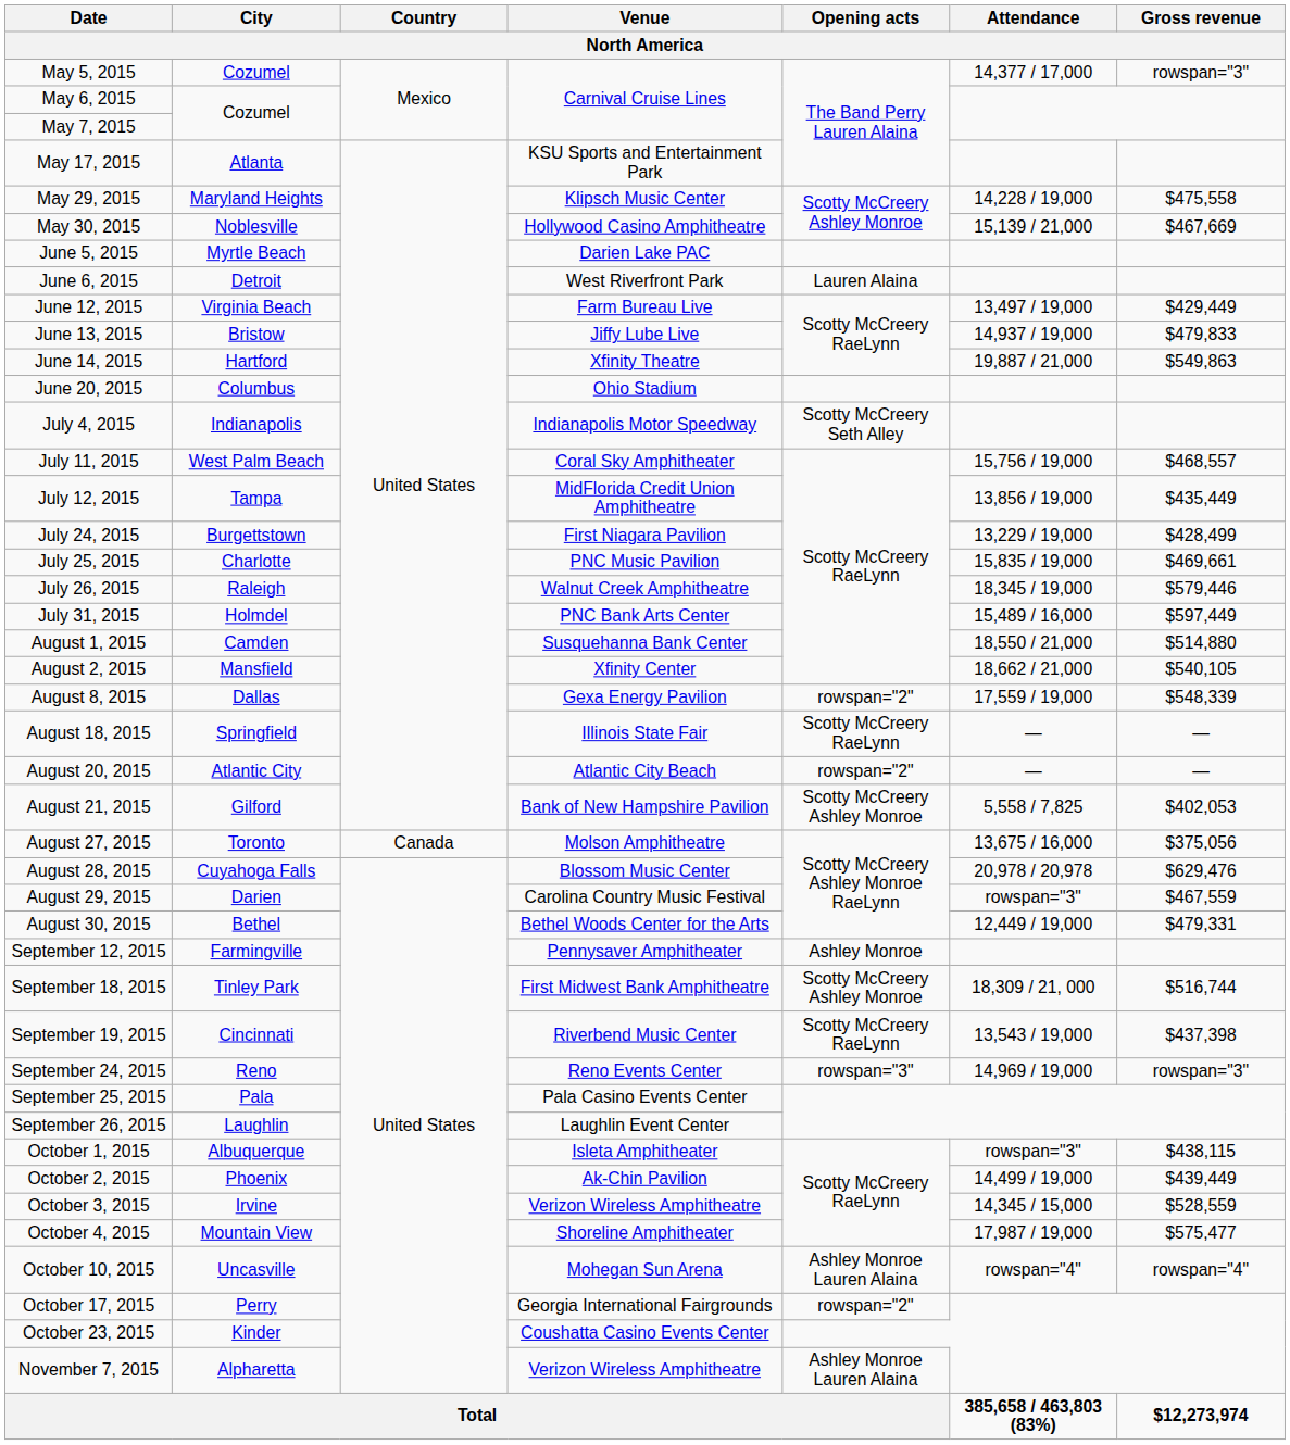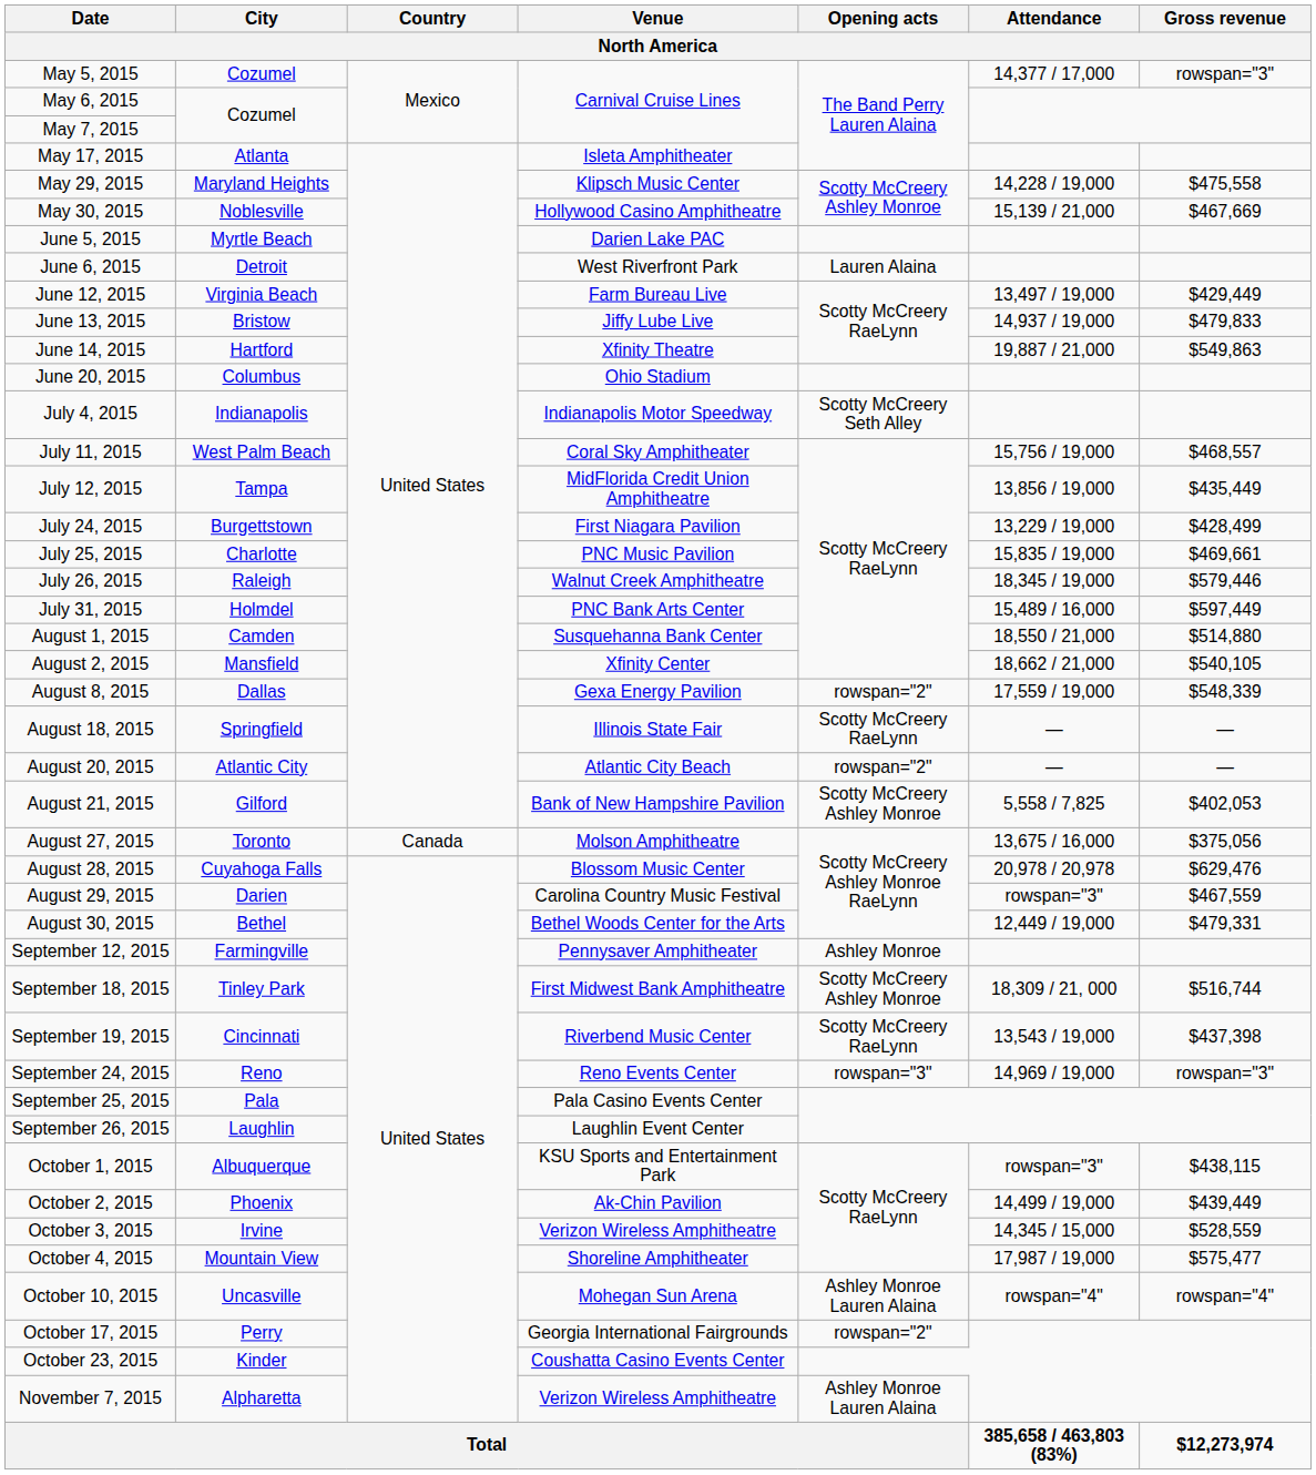 <table class="wikitable" style="text-align:center;">
 <tr>
 <th style="width:150px;">Date</th>
 <th style="width:150px;">City</th>
 <th style="width:150px;">Country</th>
 <th style="width:250px;">Venue</th>
 <th style="width:150px;">Opening acts</th>
 <th style="width:150px;">Attendance</th>
 <th style="width:150px;">Gross revenue</th>
 </tr>
 <tr>
 <th colspan="7">North America  </th>
 </tr>
 <tr>
 <td>May 5, 2015</td>
 <td><a href='#'>Cozumel</a><br></td>
 <td rowspan="3">Mexico</td>
 <td rowspan="3"><a href='#'>Carnival Cruise Lines</a></td>
 <td rowspan="4"><a href='#'>The Band Perry</a><br><a href='#'>Lauren Alaina</a></td>
 <td>14,377 / 17,000</td>
 <td>rowspan="3" </td>
 </tr>
 <tr>
 <td>May 6, 2015</td>
 <td rowspan="2">Cozumel<br></td>
 </tr>
 <tr>
 <td>May 7, 2015</td>
 </tr>
 <tr>
 <td>May 17, 2015 </td>
 <td><a href='#'>Atlanta</a></td>
 <td rowspan="22">United States</td>
-<td>KSU Sports and Entertainment Park</td>
+<td><a href='#'>Isleta Amphitheater</a></td>
 <td></td>
 <td></td>
 </tr>
 <tr>
 <td>May 29, 2015</td>
 <td><a href='#'>Maryland Heights</a></td>
 <td><a href='#'>Klipsch Music Center</a></td>
 <td rowspan="2"><a href='#'>Scotty McCreery</a><br><a href='#'>Ashley Monroe</a></td>
 <td>14,228 / 19,000</td>
 <td>$475,558</td>
 </tr>
 <tr>
 <td>May 30, 2015</td>
 <td><a href='#'>Noblesville</a></td>
 <td><a href='#'>Hollywood Casino Amphitheatre</a></td>
 <td>15,139 / 21,000</td>
 <td>$467,669</td>
 </tr>
 <tr>
 <td>June 5, 2015 </td>
 <td><a href='#'>Myrtle Beach</a></td>
 <td><a href='#'>Darien Lake PAC</a></td>
 <td></td>
 <td></td>
 <td></td>
 </tr>
 <tr>
 <td>June 6, 2015 </td>
 <td><a href='#'>Detroit</a></td>
 <td>West Riverfront Park</td>
 <td>Lauren Alaina</td>
 <td></td>
 <td></td>
 </tr>
 <tr>
 <td>June 12, 2015</td>
 <td><a href='#'>Virginia Beach</a></td>
 <td><a href='#'>Farm Bureau Live</a></td>
 <td rowspan="3">Scotty McCreery<br>RaeLynn</td>
 <td>13,497 / 19,000</td>
 <td>$429,449</td>
 </tr>
 <tr>
 <td>June 13, 2015</td>
 <td><a href='#'>Bristow</a></td>
 <td><a href='#'>Jiffy Lube Live</a></td>
 <td>14,937 / 19,000</td>
 <td>$479,833</td>
 </tr>
 <tr>
 <td>June 14, 2015</td>
 <td><a href='#'>Hartford</a></td>
 <td><a href='#'>Xfinity Theatre</a></td>
 <td>19,887 / 21,000</td>
 <td>$549,863</td>
 </tr>
 <tr>
 <td>June 20, 2015 </td>
 <td><a href='#'>Columbus</a></td>
 <td><a href='#'>Ohio Stadium</a></td>
 <td></td>
 <td></td>
 <td></td>
 </tr>
 <tr>
 <td>July 4, 2015 </td>
 <td><a href='#'>Indianapolis</a></td>
 <td><a href='#'>Indianapolis Motor Speedway</a></td>
 <td>Scotty McCreery<br>Seth Alley</td>
 <td></td>
 <td></td>
 </tr>
 <tr>
 <td>July 11, 2015</td>
 <td><a href='#'>West Palm Beach</a></td>
 <td><a href='#'>Coral Sky Amphitheater</a></td>
 <td rowspan="8">Scotty McCreery<br>RaeLynn</td>
 <td>15,756 / 19,000</td>
 <td>$468,557</td>
 </tr>
 <tr>
 <td>July 12, 2015</td>
 <td><a href='#'>Tampa</a></td>
 <td><a href='#'>MidFlorida Credit Union Amphitheatre</a></td>
 <td>13,856 / 19,000</td>
 <td>$435,449</td>
 </tr>
 <tr>
 <td>July 24, 2015</td>
 <td><a href='#'>Burgettstown</a></td>
 <td><a href='#'>First Niagara Pavilion</a></td>
 <td>13,229 / 19,000</td>
 <td>$428,499</td>
 </tr>
 <tr>
 <td>July 25, 2015</td>
 <td><a href='#'>Charlotte</a></td>
 <td><a href='#'>PNC Music Pavilion</a></td>
 <td>15,835 / 19,000</td>
 <td>$469,661</td>
 </tr>
 <tr>
 <td>July 26, 2015</td>
 <td><a href='#'>Raleigh</a></td>
 <td><a href='#'>Walnut Creek Amphitheatre</a></td>
 <td>18,345 / 19,000</td>
 <td>$579,446</td>
 </tr>
 <tr>
 <td>July 31, 2015</td>
 <td><a href='#'>Holmdel</a></td>
 <td><a href='#'>PNC Bank Arts Center</a></td>
 <td>15,489 / 16,000</td>
 <td>$597,449</td>
 </tr>
 <tr>
 <td>August 1, 2015</td>
 <td><a href='#'>Camden</a></td>
 <td><a href='#'>Susquehanna Bank Center</a></td>
 <td>18,550 / 21,000</td>
 <td>$514,880</td>
 </tr>
 <tr>
 <td>August 2, 2015</td>
 <td><a href='#'>Mansfield</a></td>
 <td><a href='#'>Xfinity Center</a></td>
 <td>18,662 / 21,000</td>
 <td>$540,105</td>
 </tr>
 <tr>
 <td>August 8, 2015</td>
 <td><a href='#'>Dallas</a></td>
 <td><a href='#'>Gexa Energy Pavilion</a></td>
 <td>rowspan="2" </td>
 <td>17,559 / 19,000</td>
 <td>$548,339</td>
 </tr>
 <tr>
 <td>August 18, 2015 </td>
 <td><a href='#'>Springfield</a></td>
 <td><a href='#'>Illinois State Fair</a></td>
 <td>Scotty McCreery<br>RaeLynn</td>
 <td>—</td>
 <td>—</td>
 </tr>
 <tr>
 <td>August 20, 2015</td>
 <td><a href='#'>Atlantic City</a></td>
 <td><a href='#'>Atlantic City Beach</a></td>
 <td>rowspan="2" </td>
 <td>—</td>
 <td>—</td>
 </tr>
 <tr>
 <td>August 21, 2015</td>
 <td><a href='#'>Gilford</a></td>
 <td><a href='#'>Bank of New Hampshire Pavilion</a></td>
 <td>Scotty McCreery<br>Ashley Monroe</td>
 <td>5,558 / 7,825</td>
 <td>$402,053</td>
 </tr>
 <tr>
 <td>August 27, 2015</td>
 <td><a href='#'>Toronto</a></td>
 <td>Canada</td>
 <td><a href='#'>Molson Amphitheatre</a></td>
 <td rowspan="4">Scotty McCreery<br>Ashley Monroe<br>RaeLynn</td>
 <td>13,675 / 16,000</td>
 <td>$375,056</td>
 </tr>
 <tr>
 <td>August 28, 2015</td>
 <td><a href='#'>Cuyahoga Falls</a></td>
 <td rowspan="17">United States</td>
 <td><a href='#'>Blossom Music Center</a></td>
 <td>20,978 / 20,978</td>
 <td>$629,476</td>
 </tr>
 <tr>
 <td>August 29, 2015</td>
 <td><a href='#'>Darien</a></td>
 <td>Carolina Country Music Festival</td>
 <td>rowspan="3"  </td>
 <td>$467,559</td>
 </tr>
 <tr>
 <td>August 30, 2015</td>
 <td><a href='#'>Bethel</a></td>
 <td><a href='#'>Bethel Woods Center for the Arts</a></td>
 <td>12,449 / 19,000</td>
 <td>$479,331</td>
 </tr>
 <tr>
 <td>September 12, 2015</td>
 <td><a href='#'>Farmingville</a></td>
 <td><a href='#'>Pennysaver Amphitheater</a></td>
 <td>Ashley Monroe</td>
 <td></td>
 <td></td>
 </tr>
 <tr>
 <td>September 18, 2015</td>
 <td><a href='#'>Tinley Park</a></td>
 <td><a href='#'>First Midwest Bank Amphitheatre</a></td>
 <td>Scotty McCreery<br>Ashley Monroe</td>
 <td>18,309 / 21, 000</td>
 <td>$516,744</td>
 </tr>
 <tr>
 <td>September 19, 2015</td>
 <td><a href='#'>Cincinnati</a></td>
 <td><a href='#'>Riverbend Music Center</a></td>
 <td>Scotty McCreery<br>RaeLynn</td>
 <td>13,543 / 19,000</td>
 <td>$437,398</td>
 </tr>
 <tr>
 <td>September 24, 2015</td>
 <td><a href='#'>Reno</a></td>
 <td><a href='#'>Reno Events Center</a></td>
 <td>rowspan="3"  </td>
 <td>14,969 / 19,000</td>
 <td>rowspan="3"  </td>
 </tr>
 <tr>
 <td>September 25, 2015</td>
 <td><a href='#'>Pala</a></td>
 <td>Pala Casino Events Center</td>
 </tr>
 <tr>
 <td>September 26, 2015</td>
 <td><a href='#'>Laughlin</a></td>
 <td>Laughlin Event Center</td>
 </tr>
 <tr>
 <td>October 1, 2015</td>
 <td><a href='#'>Albuquerque</a></td>
-<td><a href='#'>Isleta Amphitheater</a></td>
+<td>KSU Sports and Entertainment Park</td>
 <td rowspan="4">Scotty McCreery<br>RaeLynn</td>
 <td>rowspan="3" </td>
 <td>$438,115</td>
 </tr>
 <tr>
 <td>October 2, 2015</td>
 <td><a href='#'>Phoenix</a></td>
 <td><a href='#'>Ak-Chin Pavilion</a></td>
 <td>14,499 / 19,000</td>
 <td>$439,449</td>
 </tr>
 <tr>
 <td>October 3, 2015</td>
 <td><a href='#'>Irvine</a></td>
 <td><a href='#'>Verizon Wireless Amphitheatre</a></td>
 <td>14,345 / 15,000</td>
 <td>$528,559</td>
 </tr>
 <tr>
 <td>October 4, 2015</td>
 <td><a href='#'>Mountain View</a></td>
 <td><a href='#'>Shoreline Amphitheater</a></td>
 <td>17,987 / 19,000</td>
 <td>$575,477</td>
 </tr>
 <tr>
 <td>October 10, 2015</td>
 <td><a href='#'>Uncasville</a></td>
 <td><a href='#'>Mohegan Sun Arena</a></td>
 <td>Ashley Monroe<br>Lauren Alaina</td>
 <td>rowspan="4" </td>
 <td>rowspan="4" </td>
 </tr>
 <tr>
 <td>October 17, 2015</td>
 <td><a href='#'>Perry</a></td>
 <td>Georgia International Fairgrounds</td>
 <td>rowspan="2" </td>
 </tr>
 <tr>
 <td>October 23, 2015</td>
 <td><a href='#'>Kinder</a></td>
 <td><a href='#'>Coushatta Casino Events Center</a></td>
 </tr>
 <tr>
 <td>November 7, 2015</td>
 <td><a href='#'>Alpharetta</a></td>
 <td><a href='#'>Verizon Wireless Amphitheatre</a></td>
 <td>Ashley Monroe<br>Lauren Alaina</td>
 </tr>
 <tr>
 <th colspan="5">Total</th>
 <td><strong>385,658 / 463,803 (83%)</strong></td>
 <td><strong>$12,273,974</strong></td>
 </tr>
 </table>
